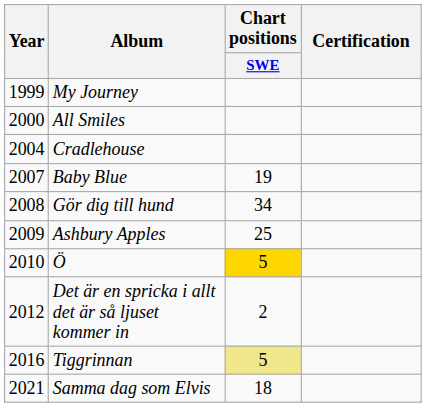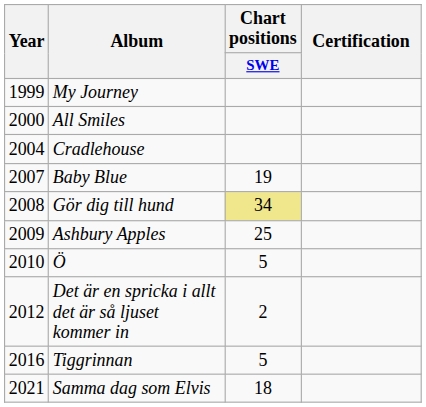 <table class="wikitable">
 <tr>
 <th style="width:10px;" rowspan="2">Year</th>
 <th style="width:150px;" rowspan="2">Album</th>
 <th colspan="1">Chart positions</th>
 <th style="width:100px;" rowspan="2">Certification</th>
 </tr>
 <tr>
 <th style="width:40px; font-size:smaller;"><a href='#'>SWE</a><br></th>
 </tr>
 <tr>
 <td style="text-align:center;">1999</td>
 <td><em>My Journey</em></td>
 <td style="text-align:center;"></td>
 <td style="text-align:center;"></td>
 </tr>
 <tr>
 <td style="text-align:center;">2000</td>
 <td><em>All Smiles</em></td>
 <td style="text-align:center;"></td>
 <td style="text-align:center;"></td>
 </tr>
 <tr>
 <td style="text-align:center;">2004</td>
 <td><em>Cradlehouse</em></td>
 <td style="text-align:center;"></td>
 <td style="text-align:center;"></td>
 </tr>
 <tr>
 <td style="text-align:center;">2007</td>
 <td><em>Baby Blue</em></td>
 <td style="text-align:center;">19</td>
 <td style="text-align:center;"></td>
 </tr>
 <tr>
 <td style="text-align:center;">2008</td>
 <td><em>Gör dig till hund</em></td>
-<td style="text-align:center;">34</td>
+<td style="background: khaki; text-align:center;">34</td>
 <td style="text-align:center;"></td>
 </tr>
 <tr>
 <td style="text-align:center;">2009</td>
 <td><em>Ashbury Apples</em></td>
 <td style="text-align:center;">25</td>
 <td style="text-align:center;"></td>
 </tr>
 <tr>
 <td style="text-align:center;">2010</td>
 <td><em>Ö</em></td>
-<td style="background: gold; text-align:center;">5</td>
+<td style="text-align:center;">5</td>
 <td style="text-align:center;"></td>
 </tr>
 <tr>
 <td style="text-align:center;">2012</td>
 <td><em>Det är en spricka i allt det är så ljuset kommer in</em></td>
 <td style="text-align:center;">2</td>
 <td style="text-align:center;"></td>
 </tr>
 <tr>
 <td style="text-align:center;">2016</td>
 <td><em>Tiggrinnan</em></td>
-<td style="background: khaki; text-align:center;">5</td>
+<td style="text-align:center;">5</td>
 <td style="text-align:center;"></td>
 </tr>
 <tr>
 <td style="text-align:center;">2021</td>
 <td><em>Samma dag som Elvis</em></td>
 <td style="text-align:center;">18<br></td>
 <td style="text-align:center;"></td>
 </tr>
 </table>
